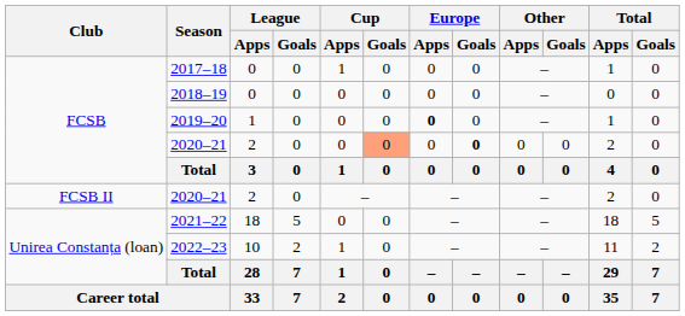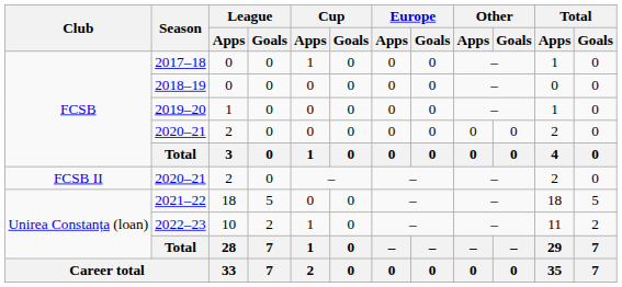 <table class="wikitable" style="text-align: center">
 <tr>
 <th rowspan="2">Club</th>
 <th rowspan="2">Season</th>
 <th colspan="2">League</th>
 <th colspan="2">Cup</th>
 <th colspan="2"><a href='#'>Europe</a></th>
 <th colspan="2">Other</th>
 <th colspan="3">Total</th>
 </tr>
 <tr>
 <th>Apps</th>
 <th>Goals</th>
 <th>Apps</th>
 <th>Goals</th>
 <th>Apps</th>
 <th>Goals</th>
 <th>Apps</th>
 <th>Goals</th>
 <th>Apps</th>
 <th>Goals</th>
 </tr>
 <tr>
 <td rowspan="5"><a href='#'>FCSB</a></td>
 <td><a href='#'>2017–18</a></td>
 <td>0</td>
 <td>0</td>
 <td>1</td>
 <td>0</td>
 <td>0</td>
 <td>0</td>
 <td colspan="2">–</td>
 <td>1</td>
 <td>0</td>
 </tr>
 <tr>
 <td><a href='#'>2018–19</a></td>
 <td>0</td>
 <td>0</td>
 <td>0</td>
 <td>0</td>
 <td>0</td>
 <td>0</td>
 <td colspan="2">–</td>
 <td>0</td>
 <td>0</td>
 </tr>
 <tr>
 <td><a href='#'>2019–20</a></td>
 <td>1</td>
 <td>0</td>
 <td>0</td>
 <td>0</td>
-<td><strong>0</strong></td>
+<td>0</td>
 <td>0</td>
 <td colspan="2">–</td>
 <td>1</td>
 <td>0</td>
 </tr>
 <tr>
 <td><a href='#'>2020–21</a></td>
 <td>2</td>
 <td>0</td>
 <td>0</td>
-<td style="background: lightsalmon;">0</td>
 <td>0</td>
-<td><strong>0</strong></td>
+<td>0</td>
+<td>0</td>
 <td>0</td>
 <td>0</td>
 <td>2</td>
 <td>0</td>
 </tr>
 <tr>
 <th>Total</th>
 <th>3</th>
 <th>0</th>
 <th>1</th>
 <th>0</th>
 <th>0</th>
 <th>0</th>
 <th>0</th>
 <th>0</th>
 <th>4</th>
 <th>0</th>
 </tr>
 <tr>
 <td><a href='#'>FCSB II</a></td>
 <td><a href='#'>2020–21</a></td>
 <td>2</td>
 <td>0</td>
 <td colspan="2">–</td>
 <td colspan="2">–</td>
 <td colspan="2">–</td>
 <td>2</td>
 <td>0</td>
 </tr>
 <tr>
 <td rowspan="3"><a href='#'>Unirea Constanța</a> (loan)</td>
 <td><a href='#'>2021–22</a></td>
 <td>18</td>
 <td>5</td>
 <td>0</td>
 <td>0</td>
 <td colspan="2">–</td>
 <td colspan="2">–</td>
 <td>18</td>
 <td>5</td>
 </tr>
 <tr>
 <td><a href='#'>2022–23</a></td>
 <td>10</td>
 <td>2</td>
 <td>1</td>
 <td>0</td>
 <td colspan="2">–</td>
 <td colspan="2">–</td>
 <td>11</td>
 <td>2</td>
 </tr>
 <tr>
 <th>Total</th>
 <th>28</th>
 <th>7</th>
 <th>1</th>
 <th>0</th>
 <th>–</th>
 <th>–</th>
 <th>–</th>
 <th>–</th>
 <th>29</th>
 <th>7</th>
 </tr>
 <tr>
 <th colspan="2">Career total</th>
 <th>33</th>
 <th>7</th>
 <th>2</th>
 <th>0</th>
 <th>0</th>
 <th>0</th>
 <th>0</th>
 <th>0</th>
 <th>35</th>
 <th>7</th>
 </tr>
 </table>
